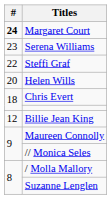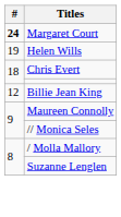 <table class=wikitable style="display:inline-table">
 <tr>
 <th style="width:20px;">#</th>
 <th>Titles</th>
 </tr>
 <tr>
 <td><strong>24</strong></td>
 <td> <a href='#'>Margaret Court</a></td>
 </tr>
 <tr>
-<td>23</td>
-<td> <a href='#'>Serena Williams</a></td>
-</tr>
-<tr>
-<td>22</td>
-<td> <a href='#'>Steffi Graf</a></td>
-</tr>
-<tr>
-<td>20</td>
+<td>19</td>
 <td> <a href='#'>Helen Wills</a></td>
 </tr>
 <tr>
 <td rowspan="2">18</td>
 <td> <a href='#'>Chris Evert</a></td>
 </tr>
 <tr>
 <td></td>
 </tr>
 <tr>
 <td>12</td>
 <td> <a href='#'>Billie Jean King</a></td>
 </tr>
 <tr>
 <td rowspan="2">9</td>
 <td> <a href='#'>Maureen Connolly</a></td>
 </tr>
 <tr>
 <td>// <a href='#'>Monica Seles</a></td>
 </tr>
 <tr>
 <td rowspan="2">8</td>
 <td>/ <a href='#'>Molla Mallory</a></td>
 </tr>
 <tr>
 <td> <a href='#'>Suzanne Lenglen</a></td>
 </tr>
 </table>
